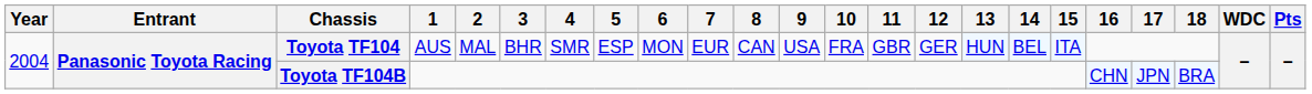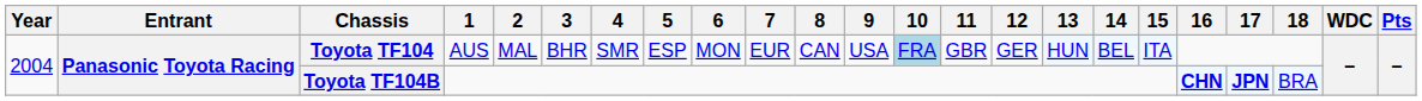 <table class="wikitable" style="text-align:center; font-size:85%">
 <tr>
 <th>Year</th>
 <th>Entrant</th>
 <th>Chassis</th>
 <th>1</th>
 <th>2</th>
 <th>3</th>
 <th>4</th>
 <th>5</th>
 <th>6</th>
 <th>7</th>
 <th>8</th>
 <th>9</th>
 <th>10</th>
 <th>11</th>
 <th>12</th>
 <th>13</th>
 <th>14</th>
 <th>15</th>
 <th>16</th>
 <th>17</th>
 <th>18</th>
 <th>WDC</th>
 <th><a href='#'>Pts</a></th>
 </tr>
 <tr>
 <td rowspan=2><a href='#'>2004</a></td>
 <th rowspan=2 nowrap><a href='#'>Panasonic</a> <a href='#'>Toyota Racing</a></th>
 <th nowrap><a href='#'>Toyota</a> <a href='#'>TF104</a></th>
 <td><a href='#'>AUS</a></td>
 <td><a href='#'>MAL</a></td>
 <td><a href='#'>BHR</a></td>
 <td><a href='#'>SMR</a></td>
 <td><a href='#'>ESP</a></td>
 <td><a href='#'>MON</a></td>
 <td><a href='#'>EUR</a></td>
 <td><a href='#'>CAN</a></td>
 <td><a href='#'>USA</a></td>
-<td><a href='#'>FRA</a></td>
+<td style="background: lightblue;"><a href='#'>FRA</a></td>
 <td><a href='#'>GBR</a></td>
 <td><a href='#'>GER</a></td>
 <td style="background:#F0F8FF;"><a href='#'>HUN</a><br></td>
 <td style="background:#F0F8FF;"><a href='#'>BEL</a><br></td>
 <td style="background:#F0F8FF;"><a href='#'>ITA</a><br></td>
 <td colspan=3></td>
 <th rowspan=2>–</th>
 <th rowspan=2>–</th>
 </tr>
 <tr>
 <th nowrap><a href='#'>Toyota</a> <a href='#'>TF104B</a></th>
 <td colspan=15></td>
-<td style="background:#F0F8FF;"><a href='#'>CHN</a><br></td>
-<td style="background:#F0F8FF;"><a href='#'>JPN</a><br></td>
+<td style="background:#F0F8FF;"><strong><a href='#'>CHN</a><br></strong></td>
+<td style="background:#F0F8FF;"><strong><a href='#'>JPN</a><br></strong></td>
 <td style="background:#F0F8FF;"><a href='#'>BRA</a><br></td>
 </tr>
 </table>
